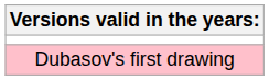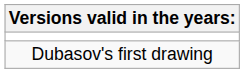 <table class="wikitable" style="margin:0.3em auto">
 <tr>
 <th class="hintergrundfarbe8" colspan="1">Versions valid in the years:</th>
 </tr>
 <tr align="center" bgcolor="#FFFFFF">
 <td></td>
 </tr>
 <tr class="hintergrundfarbe8" align="center">
-<td style="background: pink;">Dubasov's first drawing</td>
+<td>Dubasov's first drawing</td>
 </tr>
 </table>
